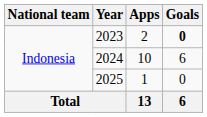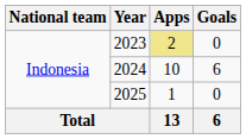 <table class="wikitable" style="text-align:center">
 <tr>
 <th>National team</th>
 <th>Year</th>
 <th>Apps</th>
 <th>Goals</th>
 </tr>
 <tr>
 <td rowspan="3"><a href='#'>Indonesia</a></td>
 <td>2023</td>
-<td>2</td>
-<td><strong>0</strong></td>
+<td style="background: khaki;">2</td>
+<td>0</td>
 </tr>
 <tr>
 <td>2024</td>
 <td>10</td>
 <td>6</td>
 </tr>
 <tr>
 <td>2025</td>
 <td>1</td>
 <td>0</td>
 </tr>
 <tr>
 <th colspan="2">Total</th>
 <th>13</th>
 <th>6</th>
 </tr>
 </table>
